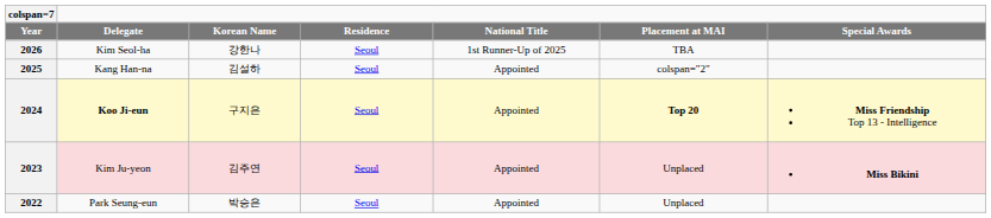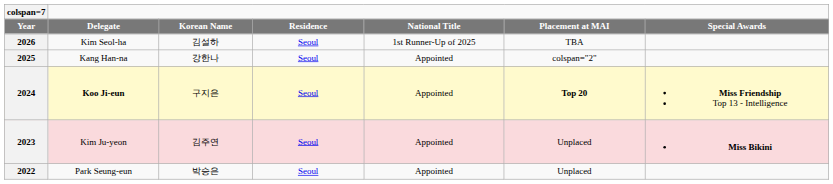 <table class="wikitable sortable" style="font-size: 85%; text-align:center">
 <tr>
 <th>colspan=7 </th>
 </tr>
 <tr>
 <th width="60" style="background-color:#787878;color:#FFFFFF;">Year</th>
 <th width="180" style="background-color:#787878;color:#FFFFFF;">Delegate</th>
 <th width="150" style="background-color:#787878;color:#FFFFFF;">Korean Name</th>
 <th width="180" style="background-color:#787878;color:#FFFFFF;">Residence</th>
 <th width="230" style="background-color:#787878;color:#FFFFFF;">National Title</th>
 <th width="230" style="background-color:#787878;color:#FFFFFF;">Placement at MAI</th>
 <th width="300" style="background-color:#787878;color:#FFFFFF;">Special Awards</th>
 </tr>
 <tr>
 <th>2026</th>
 <td>Kim Seol-ha</td>
-<td>강한나</td>
+<td>김설하</td>
 <td><a href='#'>Seoul</a></td>
 <td>1st Runner-Up of 2025</td>
 <td>TBA</td>
 <td></td>
 </tr>
 <tr>
 <th>2025</th>
 <td>Kang Han-na</td>
-<td>김설하</td>
+<td>강한나</td>
 <td><a href='#'>Seoul</a></td>
 <td>Appointed</td>
 <td>colspan="2" </td>
 </tr>
 <tr style="background-color:#FFFACD;">
 <th>2024</th>
 <td><strong>Koo Ji-eun</strong></td>
 <td>구지은</td>
 <td><a href='#'>Seoul</a></td>
 <td>Appointed</td>
 <td><strong>Top 20</strong></td>
 <td><br><ul><li><strong>Miss Friendship</strong></li><li>Top 13 - Intelligence</li></ul></td>
 </tr>
 <tr style="background-color:#FADADD;: bold">
 <th>2023</th>
 <td>Kim Ju-yeon</td>
 <td>김주연</td>
 <td><a href='#'>Seoul</a></td>
 <td>Appointed</td>
 <td>Unplaced</td>
 <td><br><ul><li><strong>Miss Bikini</strong></li></ul></td>
 </tr>
 <tr>
 <th>2022</th>
 <td>Park Seung-eun</td>
 <td>박승은</td>
 <td><a href='#'>Seoul</a></td>
 <td>Appointed</td>
 <td>Unplaced</td>
 <td></td>
 </tr>
 </table>
